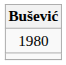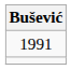 <table class="wikitable" style="margin: 0.5em auto; text-align: center;">
 <tr>
 <th colspan="1">Bušević</th>
 </tr>
 <tr>
-<td>1980</td>
+<td>1991</td>
 </tr>
 <tr>
 <td></td>
 </tr>
 <tr>
 </tr>
 </table>
